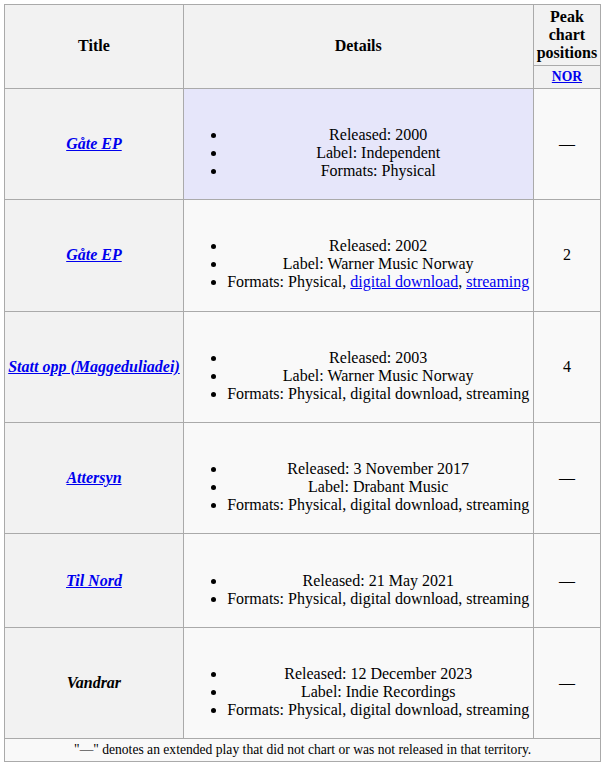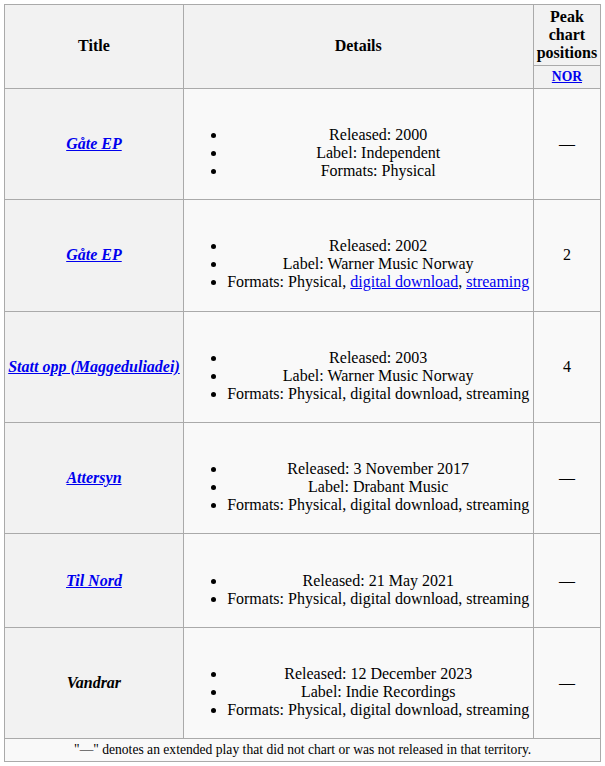 <table class="wikitable plainrowheaders" style="text-align: center;">
 <tr>
 <th scope="col" rowspan="2">Title</th>
 <th scope="col" rowspan="2">Details</th>
 <th colspan="1" scope="col">Peak chart positions</th>
 </tr>
 <tr>
 <th scope="col" style="width:3em;font-size:85%;"><a href='#'>NOR</a><br></th>
 </tr>
 <tr>
 <th scope="row"><em><a href='#'>Gåte EP</a></em></th>
-<td style="background: lavender;"><br><ul><li>Released: 2000</li><li>Label: Independent</li><li>Formats: Physical</li></ul></td>
+<td><br><ul><li>Released: 2000</li><li>Label: Independent</li><li>Formats: Physical</li></ul></td>
 <td>—</td>
 </tr>
 <tr>
 <th scope="row"><em><a href='#'>Gåte EP</a></em></th>
 <td><br><ul><li>Released: 2002</li><li>Label: Warner Music Norway</li><li>Formats: Physical, <a href='#'>digital download</a>, <a href='#'>streaming</a></li></ul></td>
 <td>2</td>
 </tr>
 <tr>
 <th scope="row"><em><a href='#'>Statt opp (Maggeduliadei)</a></em></th>
 <td><br><ul><li>Released: 2003</li><li>Label: Warner Music Norway</li><li>Formats: Physical, digital download, streaming</li></ul></td>
 <td>4</td>
 </tr>
 <tr>
 <th scope="row"><em><a href='#'>Attersyn</a></em></th>
 <td><br><ul><li>Released: 3 November 2017</li><li>Label: Drabant Music</li><li>Formats: Physical, digital download, streaming</li></ul></td>
 <td>—</td>
 </tr>
 <tr>
 <th scope="row"><em><a href='#'>Til Nord</a></em></th>
 <td><br><ul><li>Released: 21 May 2021</li><li>Formats: Physical, digital download, streaming</li></ul></td>
 <td>—</td>
 </tr>
 <tr>
 <th scope="row"><em>Vandrar</em></th>
 <td><br><ul><li>Released: 12 December 2023</li><li>Label: Indie Recordings</li><li>Formats: Physical, digital download, streaming</li></ul></td>
 <td>—</td>
 </tr>
 <tr>
 <td colspan="4" style="font-size:85%">"—" denotes an extended play that did not chart or was not released in that territory.</td>
 </tr>
 </table>
